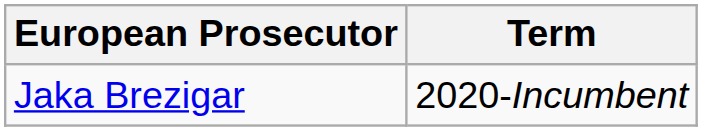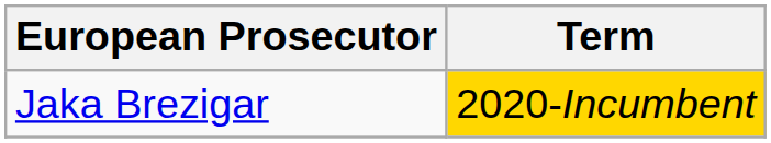 <table class="wikitable">
 <tr>
 <th>European Prosecutor</th>
 <th>Term</th>
 </tr>
 <tr>
 <td><a href='#'>Jaka Brezigar</a></td>
-<td>2020-<em>Incumbent</em></td>
+<td style="background: gold;">2020-<em>Incumbent</em></td>
 </tr>
 </table>
